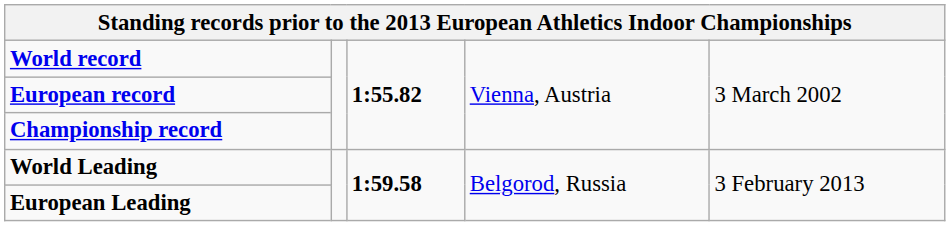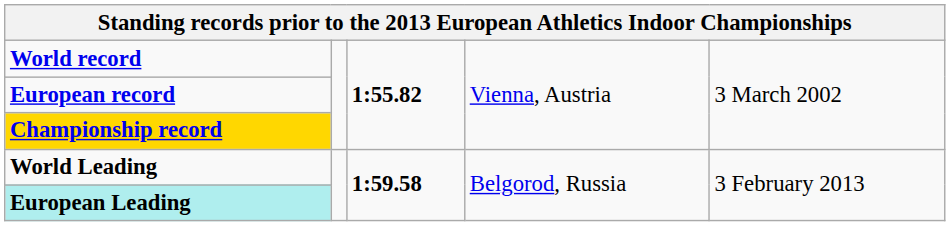 <table class="wikitable" width=75%>
 <tr>
 <th colspan="5">Standing records prior to the 2013 European Athletics Indoor Championships</th>
 </tr>
 <tr>
 <td><strong><a href='#'>World record</a></strong></td>
 <td rowspan=3></td>
 <td rowspan=3><strong>1:55.82</strong></td>
 <td rowspan=3><a href='#'>Vienna</a>, Austria</td>
 <td rowspan=3>3 March 2002</td>
 </tr>
 <tr>
 <td><strong><a href='#'>European record</a></strong></td>
 </tr>
 <tr>
-<td><strong><a href='#'>Championship record</a></strong></td>
+<td style="background: gold;"><strong><a href='#'>Championship record</a></strong></td>
 </tr>
 <tr>
 <td><strong>World Leading</strong></td>
 <td rowspan=2></td>
 <td rowspan=2><strong>1:59.58</strong></td>
 <td rowspan=2><a href='#'>Belgorod</a>, Russia</td>
 <td rowspan=2>3 February 2013</td>
 </tr>
 <tr>
-<td><strong>European Leading</strong></td>
+<td style="background: paleturquoise;"><strong>European Leading</strong></td>
 </tr>
 </table>
